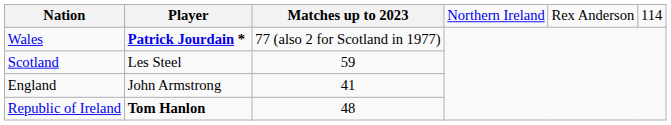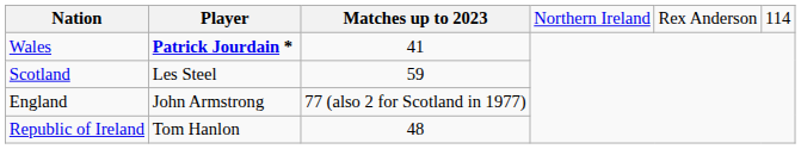 <table class="wikitable sortable">
 <tr>
 <th>Nation</th>
 <th>Player</th>
 <th>Matches up to 2023</th>
 <td><a href='#'>Northern Ireland</a></td>
 <td>Rex Anderson</td>
 <td align=center>114</td>
 </tr>
 <tr>
 <td><a href='#'>Wales</a></td>
 <td><strong><a href='#'>Patrick Jourdain</a> * </strong></td>
-<td align=center>77 (also 2 for Scotland in 1977)</td>
+<td align=center>41</td>
 </tr>
 <tr>
 <td><a href='#'>Scotland</a></td>
 <td>Les Steel</td>
 <td align=center>59</td>
 </tr>
 <tr>
 <td>England</td>
 <td>John Armstrong</td>
-<td align=center>41</td>
+<td align=center>77 (also 2 for Scotland in 1977)</td>
 </tr>
 <tr>
 <td><a href='#'>Republic of Ireland</a></td>
-<td><strong>Tom Hanlon</strong></td>
+<td>Tom Hanlon</td>
 <td align=center>48</td>
 </tr>
 </table>
